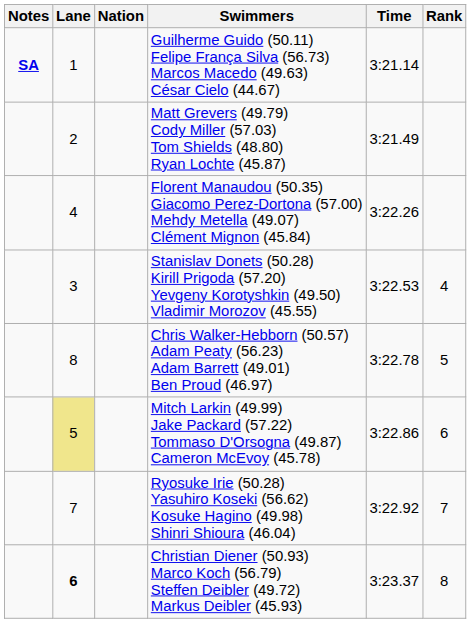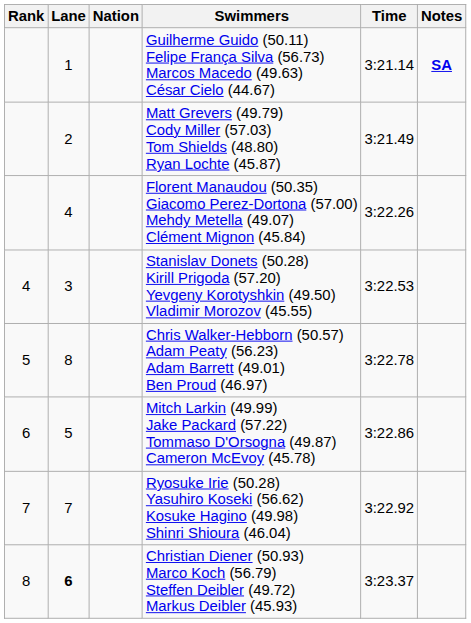 <table class="wikitable sortable" style="text-align:center">
 <tr>
-<th>Notes</th>
+<th>Rank</th>
 <th>Lane</th>
 <th>Nation</th>
 <th>Swimmers</th>
 <th>Time</th>
-<th>Rank</th>
+<th>Notes</th>
 </tr>
 <tr>
-<td><strong><a href='#'>SA</a></strong></td>
+<td></td>
 <td>1</td>
 <td align=left></td>
 <td align=left><a href='#'>Guilherme Guido</a> (50.11)<br><a href='#'>Felipe França Silva</a> (56.73)<br><a href='#'>Marcos Macedo</a> (49.63)<br><a href='#'>César Cielo</a> (44.67)</td>
 <td>3:21.14</td>
-<td></td>
+<td><strong><a href='#'>SA</a></strong></td>
 </tr>
 <tr>
 <td></td>
 <td>2</td>
 <td align=left></td>
 <td align=left><a href='#'>Matt Grevers</a> (49.79)<br><a href='#'>Cody Miller</a> (57.03)<br><a href='#'>Tom Shields</a> (48.80)<br><a href='#'>Ryan Lochte</a> (45.87)</td>
 <td>3:21.49</td>
 <td></td>
 </tr>
 <tr>
 <td></td>
 <td>4</td>
 <td align=left></td>
 <td align=left><a href='#'>Florent Manaudou</a> (50.35)<br><a href='#'>Giacomo Perez-Dortona</a> (57.00)<br><a href='#'>Mehdy Metella</a> (49.07)<br><a href='#'>Clément Mignon</a> (45.84)</td>
 <td>3:22.26</td>
 <td></td>
 </tr>
 <tr>
-<td></td>
+<td>4</td>
 <td>3</td>
 <td align=left></td>
 <td align=left><a href='#'>Stanislav Donets</a> (50.28)<br><a href='#'>Kirill Prigoda</a> (57.20)<br><a href='#'>Yevgeny Korotyshkin</a> (49.50)<br><a href='#'>Vladimir Morozov</a> (45.55)</td>
 <td>3:22.53</td>
-<td>4</td>
+<td></td>
 </tr>
 <tr>
-<td></td>
+<td>5</td>
 <td>8</td>
 <td align=left></td>
 <td align=left><a href='#'>Chris Walker-Hebborn</a> (50.57)<br><a href='#'>Adam Peaty</a> (56.23)<br><a href='#'>Adam Barrett</a> (49.01)<br><a href='#'>Ben Proud</a> (46.97)</td>
 <td>3:22.78</td>
-<td>5</td>
+<td></td>
 </tr>
 <tr>
-<td></td>
-<td style="background: khaki;">5</td>
+<td>6</td>
+<td>5</td>
 <td align=left></td>
 <td align=left><a href='#'>Mitch Larkin</a> (49.99)<br><a href='#'>Jake Packard</a> (57.22)<br><a href='#'>Tommaso D'Orsogna</a> (49.87)<br><a href='#'>Cameron McEvoy</a> (45.78)</td>
 <td>3:22.86</td>
-<td>6</td>
+<td></td>
 </tr>
 <tr>
-<td></td>
+<td>7</td>
 <td>7</td>
 <td align=left></td>
 <td align=left><a href='#'>Ryosuke Irie</a> (50.28)<br><a href='#'>Yasuhiro Koseki</a> (56.62)<br><a href='#'>Kosuke Hagino</a> (49.98)<br><a href='#'>Shinri Shioura</a> (46.04)</td>
 <td>3:22.92</td>
-<td>7</td>
+<td></td>
 </tr>
 <tr>
-<td></td>
+<td>8</td>
 <td><strong>6</strong></td>
 <td align=left></td>
 <td align=left><a href='#'>Christian Diener</a> (50.93)<br><a href='#'>Marco Koch</a> (56.79)<br><a href='#'>Steffen Deibler</a> (49.72)<br><a href='#'>Markus Deibler</a> (45.93)</td>
 <td>3:23.37</td>
-<td>8</td>
+<td></td>
 </tr>
 </table>
